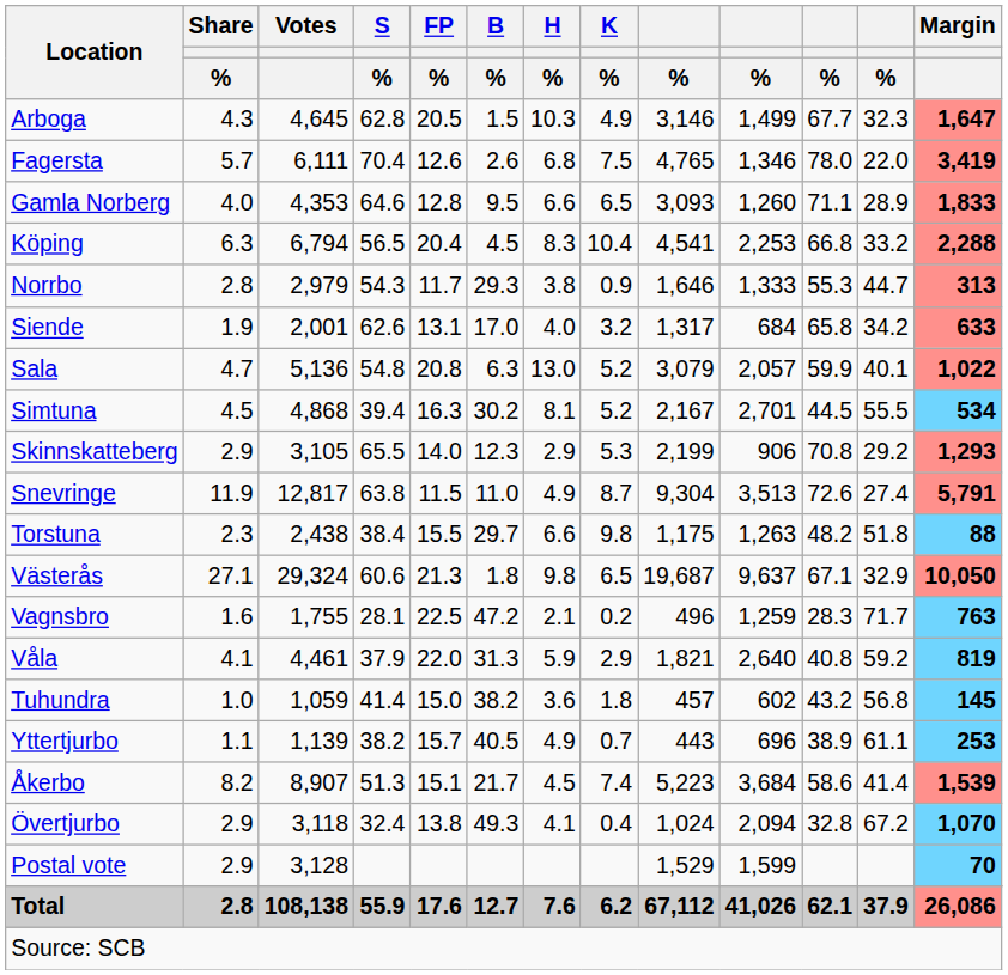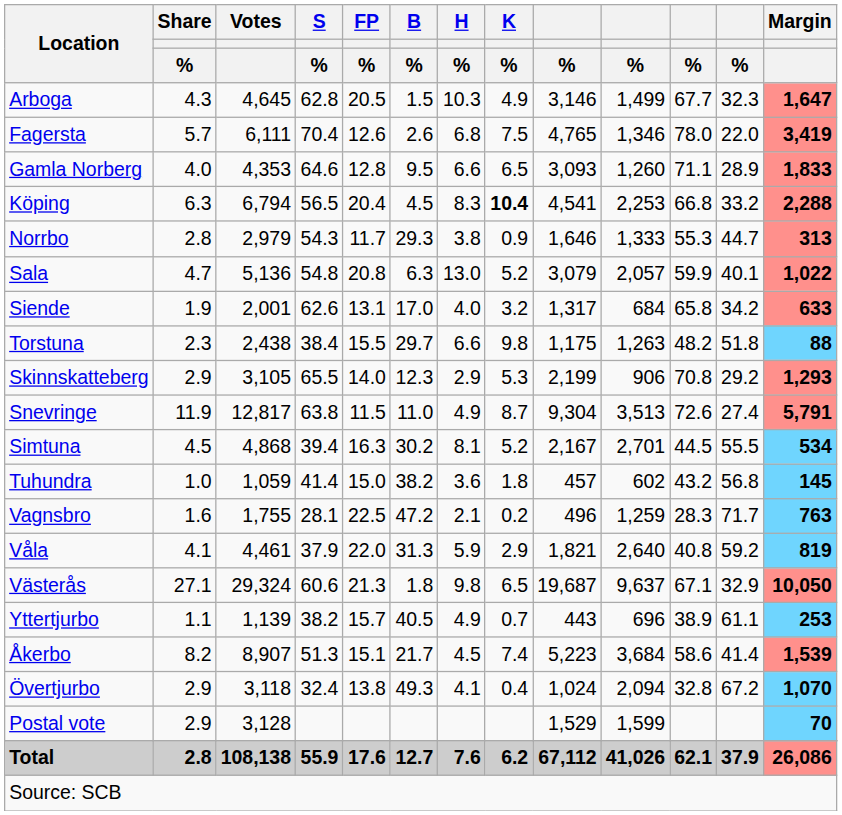 <table class="wikitable sortable" style="text-align:right; font-size:95%; line-height:20px;">
 <tr>
 <th rowspan="3">Location</th>
 <th>Share</th>
 <th>Votes</th>
 <th width="30px" class="unsortable"><a href='#'>S</a></th>
 <th width="30px" class="unsortable"><a href='#'>FP</a></th>
 <th width="30px" class="unsortable"><a href='#'>B</a></th>
 <th width="30px" class="unsortable"><a href='#'>H</a></th>
 <th width="30px" class="unsortable"><a href='#'>K</a></th>
 <th></th>
 <th></th>
 <th></th>
 <th></th>
 <th>Margin</th>
 </tr>
 <tr>
 <th></th>
 <th></th>
 <th style="background:"></th>
 <th style="background:"></th>
 <th style="background:"></th>
 <th style="background:"></th>
 <th style="background:"></th>
 <th style="background:"></th>
 <th style="background:"></th>
 <th style="background:"></th>
 <th style="background:"></th>
 <th></th>
 </tr>
 <tr>
 <th data-sort-type="number">%</th>
 <th></th>
 <th data-sort-type="number">%</th>
 <th data-sort-type="number">%</th>
 <th data-sort-type="number">%</th>
 <th data-sort-type="number">%</th>
 <th data-sort-type="number">%</th>
 <th data-sort-type="number">%</th>
 <th data-sort-type="number">%</th>
 <th data-sort-type="number">%</th>
 <th data-sort-type="number">%</th>
 <th data-sort-type="number"></th>
 </tr>
 <tr>
 <td align=left><a href='#'>Arboga</a></td>
 <td>4.3</td>
 <td>4,645</td>
 <td>62.8</td>
 <td>20.5</td>
 <td>1.5</td>
 <td>10.3</td>
 <td>4.9</td>
 <td>3,146</td>
 <td>1,499</td>
 <td>67.7</td>
 <td>32.3</td>
 <td bgcolor=#ff908c><strong>1,647</strong></td>
 </tr>
 <tr>
 <td align=left><a href='#'>Fagersta</a></td>
 <td>5.7</td>
 <td>6,111</td>
 <td>70.4</td>
 <td>12.6</td>
 <td>2.6</td>
 <td>6.8</td>
 <td>7.5</td>
 <td>4,765</td>
 <td>1,346</td>
 <td>78.0</td>
 <td>22.0</td>
 <td bgcolor=#ff908c><strong>3,419</strong></td>
 </tr>
 <tr>
 <td align=left><a href='#'>Gamla Norberg</a></td>
 <td>4.0</td>
 <td>4,353</td>
 <td>64.6</td>
 <td>12.8</td>
 <td>9.5</td>
 <td>6.6</td>
 <td>6.5</td>
 <td>3,093</td>
 <td>1,260</td>
 <td>71.1</td>
 <td>28.9</td>
 <td bgcolor=#ff908c><strong>1,833</strong></td>
 </tr>
 <tr>
 <td align=left><a href='#'>Köping</a></td>
 <td>6.3</td>
 <td>6,794</td>
 <td>56.5</td>
 <td>20.4</td>
 <td>4.5</td>
 <td>8.3</td>
-<td>10.4</td>
+<td><strong>10.4</strong></td>
 <td>4,541</td>
 <td>2,253</td>
 <td>66.8</td>
 <td>33.2</td>
 <td bgcolor=#ff908c><strong>2,288</strong></td>
 </tr>
 <tr>
 <td align=left><a href='#'>Norrbo</a></td>
 <td>2.8</td>
 <td>2,979</td>
 <td>54.3</td>
 <td>11.7</td>
 <td>29.3</td>
 <td>3.8</td>
 <td>0.9</td>
 <td>1,646</td>
 <td>1,333</td>
 <td>55.3</td>
 <td>44.7</td>
 <td bgcolor=#ff908c><strong>313</strong></td>
 </tr>
 <tr>
+<td align=left><a href='#'>Sala</a></td>
+<td>4.7</td>
+<td>5,136</td>
+<td>54.8</td>
+<td>20.8</td>
+<td>6.3</td>
+<td>13.0</td>
+<td>5.2</td>
+<td>3,079</td>
+<td>2,057</td>
+<td>59.9</td>
+<td>40.1</td>
+<td bgcolor=#ff908c><strong>1,022</strong></td>
+</tr>
+<tr>
 <td align=left><a href='#'>Siende</a></td>
 <td>1.9</td>
 <td>2,001</td>
 <td>62.6</td>
 <td>13.1</td>
 <td>17.0</td>
 <td>4.0</td>
 <td>3.2</td>
 <td>1,317</td>
 <td>684</td>
 <td>65.8</td>
 <td>34.2</td>
 <td bgcolor=#ff908c><strong>633</strong></td>
 </tr>
 <tr>
-<td align=left><a href='#'>Sala</a></td>
-<td>4.7</td>
-<td>5,136</td>
-<td>54.8</td>
-<td>20.8</td>
-<td>6.3</td>
-<td>13.0</td>
-<td>5.2</td>
-<td>3,079</td>
-<td>2,057</td>
-<td>59.9</td>
-<td>40.1</td>
-<td bgcolor=#ff908c><strong>1,022</strong></td>
-</tr>
-<tr>
-<td align=left><a href='#'>Simtuna</a></td>
-<td>4.5</td>
-<td>4,868</td>
-<td>39.4</td>
-<td>16.3</td>
-<td>30.2</td>
-<td>8.1</td>
-<td>5.2</td>
-<td>2,167</td>
-<td>2,701</td>
-<td>44.5</td>
-<td>55.5</td>
-<td bgcolor=#6fd5fe><strong>534</strong></td>
+<td align=left><a href='#'>Torstuna</a></td>
+<td>2.3</td>
+<td>2,438</td>
+<td>38.4</td>
+<td>15.5</td>
+<td>29.7</td>
+<td>6.6</td>
+<td>9.8</td>
+<td>1,175</td>
+<td>1,263</td>
+<td>48.2</td>
+<td>51.8</td>
+<td bgcolor=#6fd5fe><strong>88</strong></td>
 </tr>
 <tr>
 <td align=left><a href='#'>Skinnskatteberg</a></td>
 <td>2.9</td>
 <td>3,105</td>
 <td>65.5</td>
 <td>14.0</td>
 <td>12.3</td>
 <td>2.9</td>
 <td>5.3</td>
 <td>2,199</td>
 <td>906</td>
 <td>70.8</td>
 <td>29.2</td>
 <td bgcolor=#ff908c><strong>1,293</strong></td>
 </tr>
 <tr>
 <td align=left><a href='#'>Snevringe</a></td>
 <td>11.9</td>
 <td>12,817</td>
 <td>63.8</td>
 <td>11.5</td>
 <td>11.0</td>
 <td>4.9</td>
 <td>8.7</td>
 <td>9,304</td>
 <td>3,513</td>
 <td>72.6</td>
 <td>27.4</td>
 <td bgcolor=#ff908c><strong>5,791</strong></td>
 </tr>
 <tr>
-<td align=left><a href='#'>Torstuna</a></td>
-<td>2.3</td>
-<td>2,438</td>
-<td>38.4</td>
-<td>15.5</td>
-<td>29.7</td>
-<td>6.6</td>
-<td>9.8</td>
-<td>1,175</td>
-<td>1,263</td>
-<td>48.2</td>
-<td>51.8</td>
-<td bgcolor=#6fd5fe><strong>88</strong></td>
+<td align=left><a href='#'>Simtuna</a></td>
+<td>4.5</td>
+<td>4,868</td>
+<td>39.4</td>
+<td>16.3</td>
+<td>30.2</td>
+<td>8.1</td>
+<td>5.2</td>
+<td>2,167</td>
+<td>2,701</td>
+<td>44.5</td>
+<td>55.5</td>
+<td bgcolor=#6fd5fe><strong>534</strong></td>
 </tr>
 <tr>
-<td align=left><a href='#'>Västerås</a></td>
-<td>27.1</td>
-<td>29,324</td>
-<td>60.6</td>
-<td>21.3</td>
+<td align=left><a href='#'>Tuhundra</a></td>
+<td>1.0</td>
+<td>1,059</td>
+<td>41.4</td>
+<td>15.0</td>
+<td>38.2</td>
+<td>3.6</td>
 <td>1.8</td>
-<td>9.8</td>
-<td>6.5</td>
-<td>19,687</td>
-<td>9,637</td>
-<td>67.1</td>
-<td>32.9</td>
-<td bgcolor=#ff908c><strong>10,050</strong></td>
+<td>457</td>
+<td>602</td>
+<td>43.2</td>
+<td>56.8</td>
+<td bgcolor=#6fd5fe><strong>145</strong></td>
 </tr>
 <tr>
 <td align=left><a href='#'>Vagnsbro</a></td>
 <td>1.6</td>
 <td>1,755</td>
 <td>28.1</td>
 <td>22.5</td>
 <td>47.2</td>
 <td>2.1</td>
 <td>0.2</td>
 <td>496</td>
 <td>1,259</td>
 <td>28.3</td>
 <td>71.7</td>
 <td bgcolor=#6fd5fe><strong>763</strong></td>
 </tr>
 <tr>
 <td align=left><a href='#'>Våla</a></td>
 <td>4.1</td>
 <td>4,461</td>
 <td>37.9</td>
 <td>22.0</td>
 <td>31.3</td>
 <td>5.9</td>
 <td>2.9</td>
 <td>1,821</td>
 <td>2,640</td>
 <td>40.8</td>
 <td>59.2</td>
 <td bgcolor=#6fd5fe><strong>819</strong></td>
 </tr>
 <tr>
-<td align=left><a href='#'>Tuhundra</a></td>
-<td>1.0</td>
-<td>1,059</td>
-<td>41.4</td>
-<td>15.0</td>
-<td>38.2</td>
-<td>3.6</td>
+<td align=left><a href='#'>Västerås</a></td>
+<td>27.1</td>
+<td>29,324</td>
+<td>60.6</td>
+<td>21.3</td>
 <td>1.8</td>
-<td>457</td>
-<td>602</td>
-<td>43.2</td>
-<td>56.8</td>
-<td bgcolor=#6fd5fe><strong>145</strong></td>
+<td>9.8</td>
+<td>6.5</td>
+<td>19,687</td>
+<td>9,637</td>
+<td>67.1</td>
+<td>32.9</td>
+<td bgcolor=#ff908c><strong>10,050</strong></td>
 </tr>
 <tr>
 <td align=left><a href='#'>Yttertjurbo</a></td>
 <td>1.1</td>
 <td>1,139</td>
 <td>38.2</td>
 <td>15.7</td>
 <td>40.5</td>
 <td>4.9</td>
 <td>0.7</td>
 <td>443</td>
 <td>696</td>
 <td>38.9</td>
 <td>61.1</td>
 <td bgcolor=#6fd5fe><strong>253</strong></td>
 </tr>
 <tr>
 <td align=left><a href='#'>Åkerbo</a></td>
 <td>8.2</td>
 <td>8,907</td>
 <td>51.3</td>
 <td>15.1</td>
 <td>21.7</td>
 <td>4.5</td>
 <td>7.4</td>
 <td>5,223</td>
 <td>3,684</td>
 <td>58.6</td>
 <td>41.4</td>
 <td bgcolor=#ff908c><strong>1,539</strong></td>
 </tr>
 <tr>
 <td align=left><a href='#'>Övertjurbo</a></td>
 <td>2.9</td>
 <td>3,118</td>
 <td>32.4</td>
 <td>13.8</td>
 <td>49.3</td>
 <td>4.1</td>
 <td>0.4</td>
 <td>1,024</td>
 <td>2,094</td>
 <td>32.8</td>
 <td>67.2</td>
 <td bgcolor=#6fd5fe><strong>1,070</strong></td>
 </tr>
 <tr>
 <td align=left><a href='#'>Postal vote</a></td>
 <td>2.9</td>
 <td>3,128</td>
 <td></td>
 <td></td>
 <td></td>
 <td></td>
 <td></td>
 <td>1,529</td>
 <td>1,599</td>
 <td></td>
 <td></td>
 <td bgcolor=#6fd5fe><strong>70</strong></td>
 </tr>
 <tr>
 </tr>
 <tr style="background:#CDCDCD;">
 <td align=left><strong>Total</strong></td>
 <td><strong>2.8</strong></td>
 <td><strong>108,138</strong></td>
 <td><strong>55.9</strong></td>
 <td><strong>17.6</strong></td>
 <td><strong>12.7</strong></td>
 <td><strong>7.6</strong></td>
 <td><strong>6.2</strong></td>
 <td><strong>67,112</strong></td>
 <td><strong>41,026</strong></td>
 <td><strong>62.1</strong></td>
 <td><strong>37.9</strong></td>
 <td bgcolor=#ff908c><strong>26,086</strong></td>
 </tr>
 <tr>
 <td align=left colspan=13>Source: SCB </td>
 </tr>
 </table>
